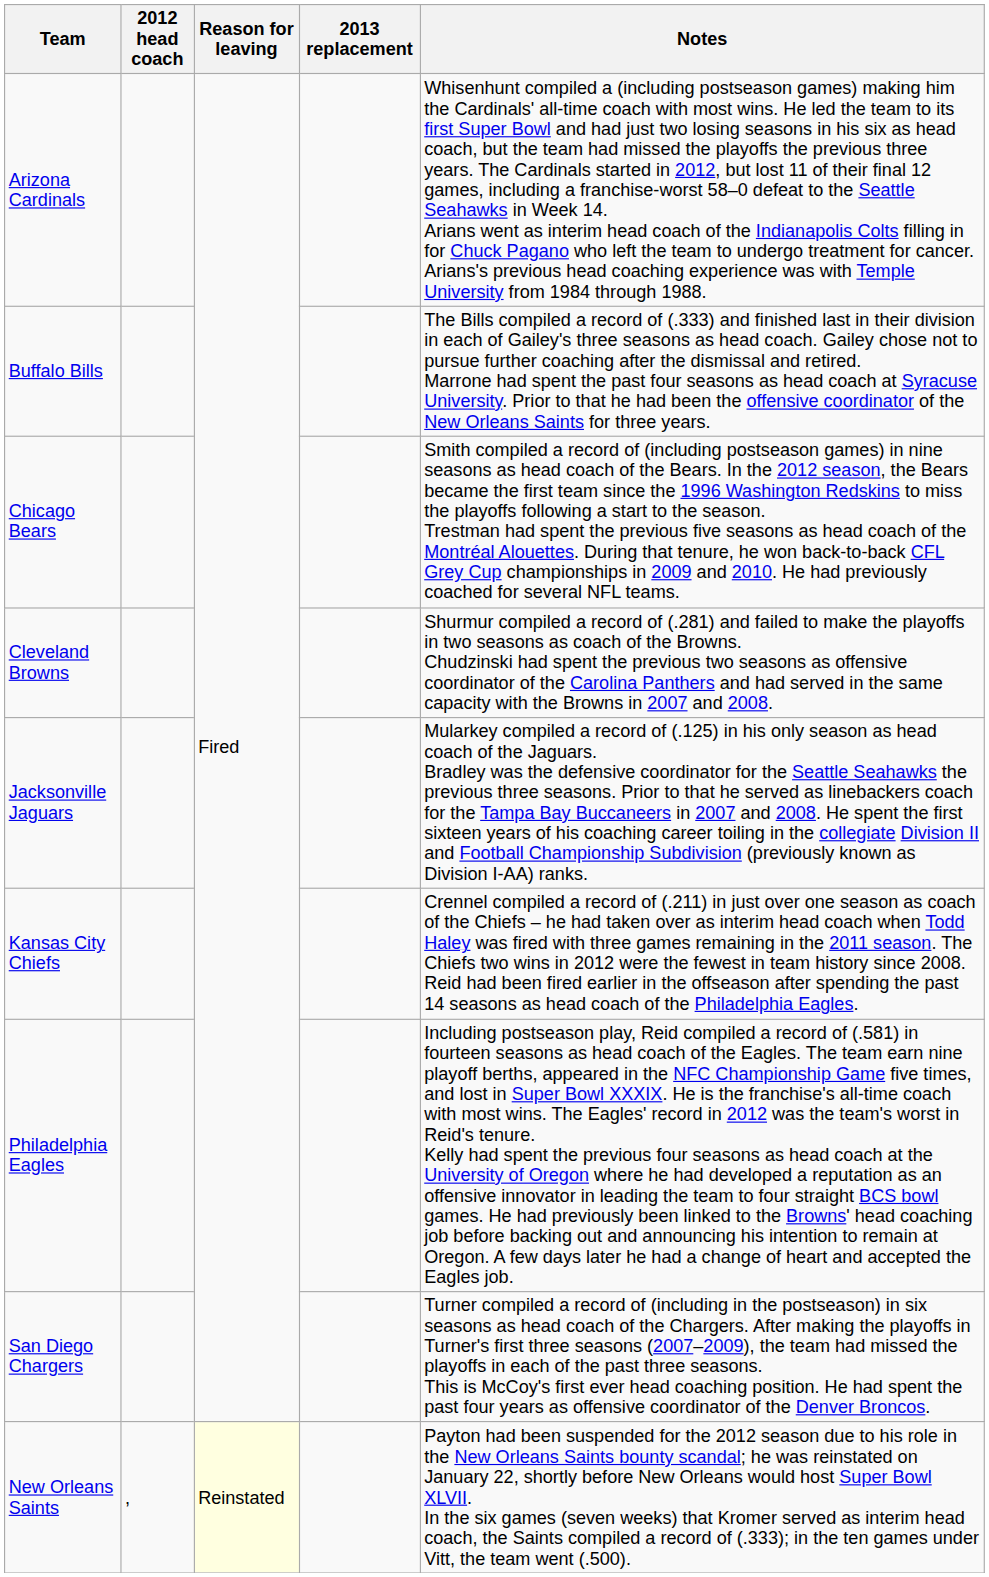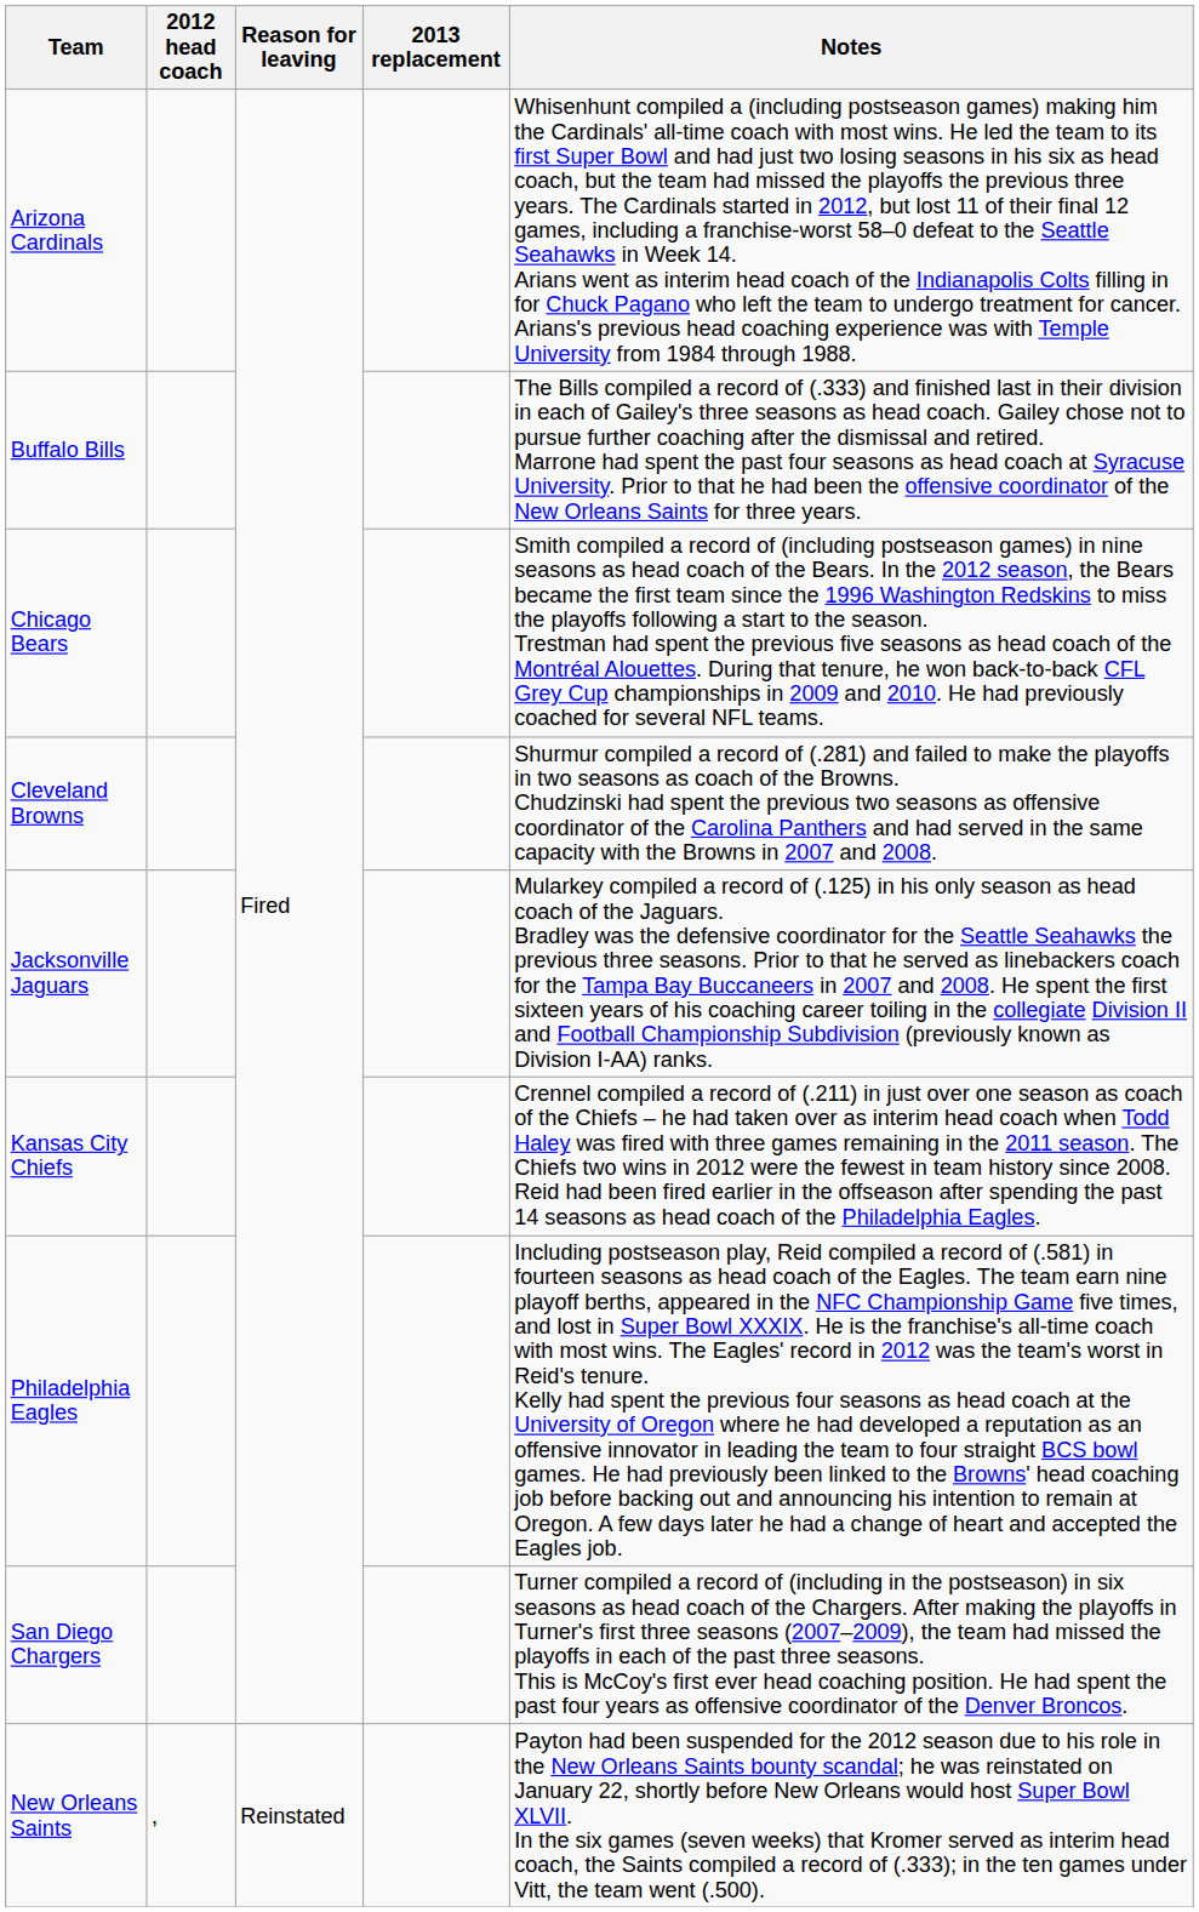 <table class="wikitable sortable">
 <tr>
 <th>Team</th>
 <th>2012 head coach</th>
 <th>Reason for leaving</th>
 <th>2013 replacement</th>
 <th class="unsortable">Notes</th>
 </tr>
 <tr>
 <td><a href='#'>Arizona Cardinals</a></td>
 <td></td>
 <td rowspan="8">Fired</td>
 <td></td>
 <td>Whisenhunt compiled a  (including postseason games) making him the Cardinals' all-time coach with most wins. He led the team to its <a href='#'>first Super Bowl</a> and had just two losing seasons in his six as head coach, but the team had missed the playoffs the previous three years. The Cardinals started  in <a href='#'>2012</a>, but lost 11 of their final 12 games, including a franchise-worst 58–0 defeat to the <a href='#'>Seattle Seahawks</a> in Week 14.<br>Arians went  as interim head coach of the <a href='#'>Indianapolis Colts</a> filling in for <a href='#'>Chuck Pagano</a> who left the team to undergo treatment for cancer. Arians's previous head coaching experience was with <a href='#'>Temple University</a> from 1984 through 1988.</td>
 </tr>
 <tr>
 <td><a href='#'>Buffalo Bills</a></td>
 <td></td>
 <td></td>
 <td>The Bills compiled a record of  (.333) and finished last in their division in each of Gailey's three seasons as head coach. Gailey chose not to pursue further coaching after the dismissal and retired.<br>Marrone had spent the past four seasons as head coach at <a href='#'>Syracuse University</a>. Prior to that he had been the <a href='#'>offensive coordinator</a> of the <a href='#'>New Orleans Saints</a> for three years.</td>
 </tr>
 <tr>
 <td><a href='#'>Chicago Bears</a></td>
 <td></td>
 <td></td>
 <td>Smith compiled a record of  (including postseason games) in nine seasons as head coach of the Bears. In the <a href='#'>2012 season</a>, the Bears became the first team since the <a href='#'>1996 Washington Redskins</a> to miss the playoffs following a  start to the season.<br>Trestman had spent the previous five seasons as head coach of the <a href='#'>Montréal Alouettes</a>. During that tenure, he won back-to-back <a href='#'>CFL</a> <a href='#'>Grey Cup</a> championships in <a href='#'>2009</a> and <a href='#'>2010</a>. He had previously coached for several NFL teams.</td>
 </tr>
 <tr>
 <td><a href='#'>Cleveland Browns</a></td>
 <td></td>
 <td></td>
 <td>Shurmur compiled a record of  (.281) and failed to make the playoffs in two seasons as coach of the Browns.<br>Chudzinski had spent the previous two seasons as offensive coordinator of the <a href='#'>Carolina Panthers</a> and had served in the same capacity with the Browns in <a href='#'>2007</a> and <a href='#'>2008</a>.</td>
 </tr>
 <tr>
 <td><a href='#'>Jacksonville Jaguars</a></td>
 <td></td>
 <td></td>
 <td>Mularkey compiled a record of  (.125) in his only season as head coach of the Jaguars.<br>Bradley was the defensive coordinator for the <a href='#'>Seattle Seahawks</a> the previous three seasons. Prior to that he served as linebackers coach for the <a href='#'>Tampa Bay Buccaneers</a> in <a href='#'>2007</a> and <a href='#'>2008</a>. He spent the first sixteen years of his coaching career toiling in the <a href='#'>collegiate</a> <a href='#'>Division II</a> and <a href='#'> Football Championship Subdivision</a> (previously known as Division I-AA) ranks.</td>
 </tr>
 <tr>
 <td><a href='#'>Kansas City Chiefs</a></td>
 <td></td>
 <td></td>
 <td>Crennel compiled a record of  (.211) in just over one season as coach of the Chiefs – he had taken over as interim head coach when <a href='#'>Todd Haley</a> was fired with three games remaining in the <a href='#'>2011 season</a>. The Chiefs two wins in 2012 were the fewest in team history since 2008.<br>Reid had been fired earlier in the offseason after spending the past 14 seasons as head coach of the <a href='#'>Philadelphia Eagles</a>.</td>
 </tr>
 <tr>
 <td><a href='#'>Philadelphia Eagles</a></td>
 <td></td>
 <td></td>
 <td>Including postseason play, Reid compiled a record of  (.581) in fourteen seasons as head coach of the Eagles. The team earn nine playoff berths, appeared in the <a href='#'>NFC Championship Game</a> five times, and lost in <a href='#'>Super Bowl XXXIX</a>. He is the franchise's all-time coach with most wins. The Eagles'  record in <a href='#'>2012</a> was the team's worst in Reid's tenure.<br>Kelly had spent the previous four seasons as head coach at the <a href='#'>University of Oregon</a> where he had developed a reputation as an offensive innovator in leading the team to four straight <a href='#'>BCS bowl</a> games. He had previously been linked to the <a href='#'>Browns</a>' head coaching job before backing out and announcing his intention to remain at Oregon. A few days later he had a change of heart and accepted the Eagles job.</td>
 </tr>
 <tr>
 <td><a href='#'>San Diego Chargers</a></td>
 <td></td>
 <td></td>
 <td>Turner compiled a record of  (including  in the postseason) in six seasons as head coach of the Chargers. After making the playoffs in Turner's first three seasons (<a href='#'>2007</a>–<a href='#'>2009</a>), the team had missed the playoffs in each of the past three seasons.<br>This is McCoy's first ever head coaching position. He had spent the past four years as offensive coordinator of the <a href='#'>Denver Broncos</a>.</td>
 </tr>
 <tr>
 <td><a href='#'>New Orleans Saints</a></td>
 <td>,<br></td>
-<td style="background: lightyellow;">Reinstated</td>
+<td>Reinstated</td>
 <td></td>
 <td>Payton had been suspended for the 2012 season due to his role in the <a href='#'>New Orleans Saints bounty scandal</a>; he was reinstated on January 22, shortly before New Orleans would host <a href='#'>Super Bowl XLVII</a>.<br>In the six games (seven weeks) that Kromer served as interim head coach, the Saints compiled a record of  (.333); in the ten games under Vitt, the team went  (.500).</td>
 </tr>
 </table>
